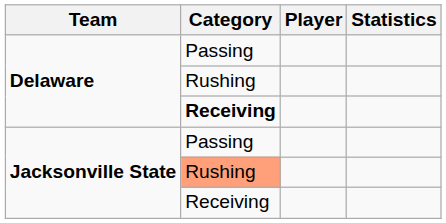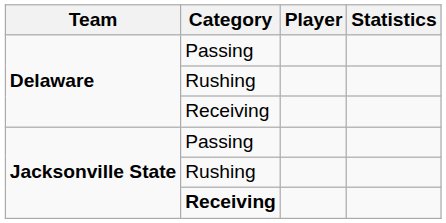 <table class="wikitable" style="float: right;">
 <tr>
 <th>Team</th>
 <th>Category</th>
 <th>Player</th>
 <th>Statistics</th>
 </tr>
 <tr>
 <td rowspan=3><strong>Delaware</strong></td>
 <td>Passing</td>
 <td></td>
 <td></td>
 </tr>
 <tr>
 <td>Rushing</td>
 <td></td>
 <td></td>
 </tr>
 <tr>
-<td><strong>Receiving</strong></td>
+<td>Receiving</td>
 <td></td>
 <td></td>
 </tr>
 <tr>
 <td rowspan=3><strong>Jacksonville State</strong></td>
 <td>Passing</td>
 <td></td>
 <td></td>
 </tr>
 <tr>
-<td style="background: lightsalmon;">Rushing</td>
+<td>Rushing</td>
 <td></td>
 <td></td>
 </tr>
 <tr>
-<td>Receiving</td>
+<td><strong>Receiving</strong></td>
 <td></td>
 <td></td>
 </tr>
 </table>
